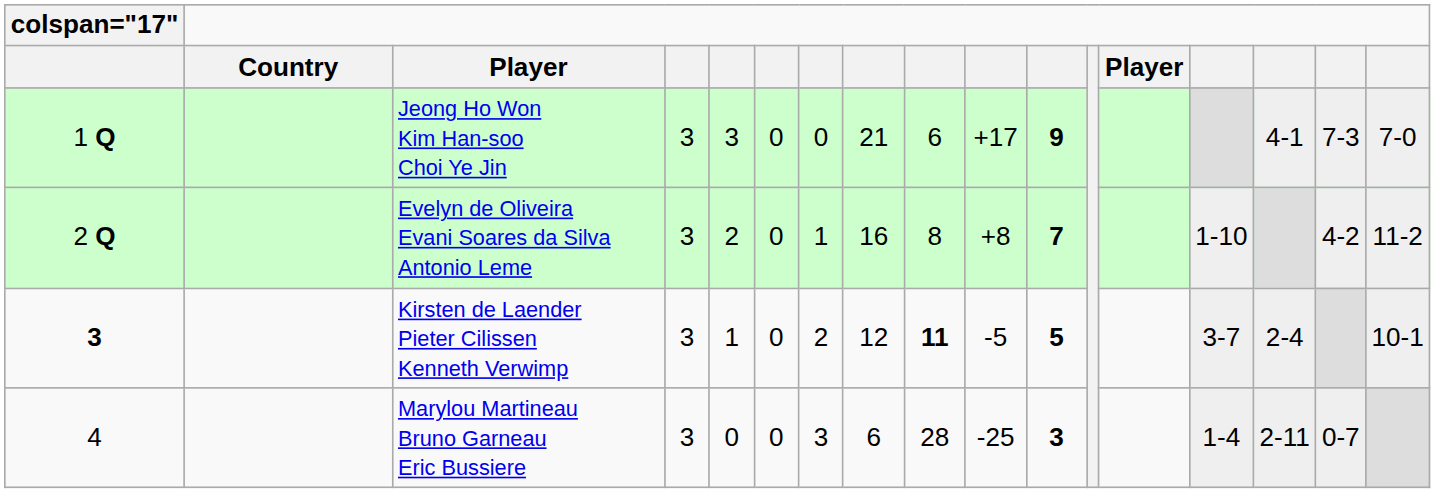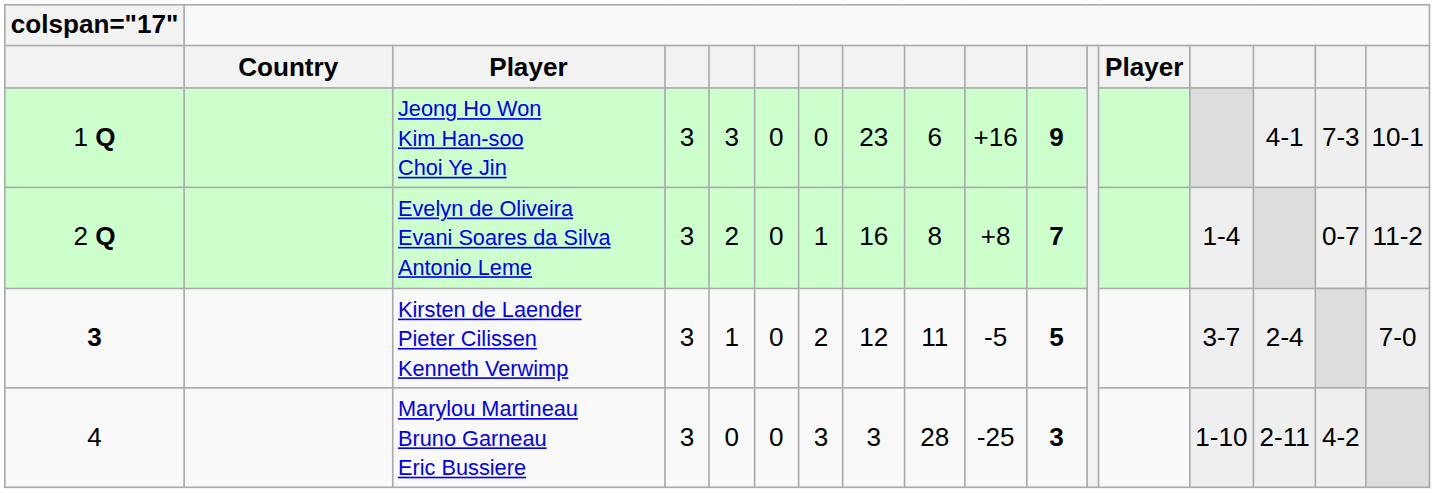 <table class=wikitable style=text-align:center>
 <tr>
 <th>colspan="17" </th>
 </tr>
 <tr>
 <th width=20 abbr=Position></th>
 <th width=120>Country</th>
 <th width=160>Player</th>
 <th width=20 abbr=Played></th>
 <th width=20 abbr=Won></th>
 <th width=20 abbr=Drawn></th>
 <th width=20 abbr=Lost></th>
 <th width=30 abbr=Points for></th>
 <th width=30 abbr=Points against></th>
 <th width=30 abbr=Points difference></th>
 <th width=30 abbr=Points></th>
 <th rowspan="5" abbr=H2H></th>
 <th>Player</th>
 <th></th>
 <th></th>
 <th></th>
 <th></th>
 </tr>
 <tr bgcolor=#CCFFCC>
 <td>1 <strong>Q</strong></td>
 <td align=left><strong></strong></td>
 <td align="left"><small><a href='#'>Jeong Ho Won</a><br><a href='#'>Kim Han-soo</a><br><a href='#'>Choi Ye Jin</a></small></td>
 <td>3</td>
 <td>3</td>
 <td>0</td>
 <td>0</td>
-<td>21</td>
+<td>23</td>
 <td>6</td>
-<td>+17</td>
+<td>+16</td>
 <td><strong>9</strong></td>
 <td></td>
 <td bgcolor="#dddddd"> </td>
 <td bgcolor="#efefef">4-1</td>
 <td bgcolor="#efefef">7-3</td>
-<td bgcolor="#efefef">7-0</td>
+<td bgcolor="#efefef">10-1</td>
 </tr>
 <tr bgcolor=#CCFFCC>
 <td>2 <strong>Q</strong> </td>
 <td align=left><strong></strong></td>
 <td align="left"><small><a href='#'>Evelyn de Oliveira</a><br><a href='#'>Evani Soares da Silva</a><br><a href='#'>Antonio Leme</a></small></td>
 <td>3</td>
 <td>2</td>
 <td>0</td>
 <td>1</td>
 <td>16</td>
 <td>8</td>
 <td>+8</td>
 <td><strong>7</strong></td>
 <td></td>
-<td bgcolor="#efefef">1-10</td>
+<td bgcolor="#efefef">1-4</td>
 <td bgcolor="#dddddd"> </td>
-<td bgcolor="#efefef">4-2</td>
+<td bgcolor="#efefef">0-7</td>
 <td bgcolor="#efefef">11-2</td>
 </tr>
 <tr>
 <td><strong>3 </strong></td>
 <td align=left><strong></strong></td>
 <td align="left"><small><a href='#'>Kirsten de Laender</a><br><a href='#'>Pieter Cilissen</a><br><a href='#'>Kenneth Verwimp</a></small></td>
 <td>3</td>
 <td>1</td>
 <td>0</td>
 <td>2</td>
 <td>12</td>
-<td><strong>11</strong></td>
+<td>11</td>
 <td>-5</td>
 <td><strong>5</strong></td>
 <td></td>
 <td bgcolor="#efefef">3-7</td>
 <td bgcolor="#efefef">2-4</td>
 <td bgcolor="#dddddd"> </td>
-<td bgcolor="#efefef">10-1</td>
+<td bgcolor="#efefef">7-0</td>
 </tr>
 <tr>
 <td>4 </td>
 <td align=left><strong></strong></td>
 <td align="left"><small><a href='#'>Marylou Martineau</a><br><a href='#'>Bruno Garneau</a><br><a href='#'>Eric Bussiere</a></small></td>
 <td>3</td>
 <td>0</td>
 <td>0</td>
 <td>3</td>
-<td>6</td>
+<td>3</td>
 <td>28</td>
 <td>-25</td>
 <td><strong>3</strong></td>
 <td></td>
-<td bgcolor="#efefef">1-4</td>
+<td bgcolor="#efefef">1-10</td>
 <td bgcolor="#efefef">2-11</td>
-<td bgcolor="#efefef">0-7</td>
+<td bgcolor="#efefef">4-2</td>
 <td bgcolor="#dddddd"> </td>
 </tr>
 </table>
